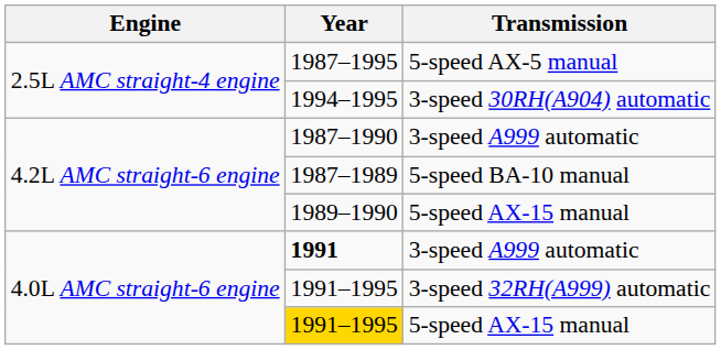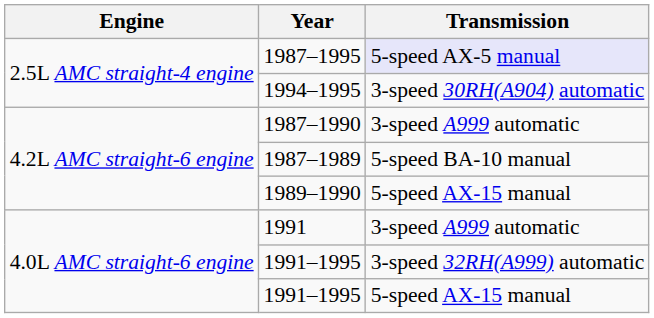 <table class=wikitable>
 <tr>
 <th>Engine</th>
 <th>Year</th>
 <th>Transmission</th>
 </tr>
 <tr>
 <td rowspan=2>2.5L <em><a href='#'>AMC straight-4 engine</a></em></td>
 <td>1987–1995</td>
-<td>5-speed AX-5 <a href='#'>manual</a></td>
+<td style="background: lavender;">5-speed AX-5 <a href='#'>manual</a></td>
 </tr>
 <tr>
 <td>1994–1995</td>
 <td>3-speed <em><a href='#'>30RH(A904)</a></em> <a href='#'>automatic</a></td>
 </tr>
 <tr>
 <td rowspan=3>4.2L <em><a href='#'>AMC straight-6 engine</a></em></td>
 <td>1987–1990</td>
 <td>3-speed <em><a href='#'>A999</a></em> automatic</td>
 </tr>
 <tr>
 <td>1987–1989</td>
 <td>5-speed BA-10 manual</td>
 </tr>
 <tr>
 <td>1989–1990</td>
 <td>5-speed <a href='#'>AX-15</a> manual</td>
 </tr>
 <tr>
 <td rowspan=3>4.0L <em><a href='#'>AMC straight-6 engine</a></em></td>
-<td><strong>1991</strong></td>
+<td>1991</td>
 <td>3-speed <em><a href='#'>A999</a></em> automatic</td>
 </tr>
 <tr>
 <td>1991–1995</td>
 <td>3-speed <em><a href='#'>32RH(A999)</a></em> automatic</td>
 </tr>
 <tr>
-<td style="background: gold;">1991–1995</td>
+<td>1991–1995</td>
 <td>5-speed <a href='#'>AX-15</a> manual</td>
 </tr>
 </table>
